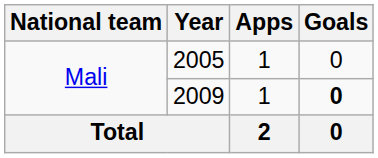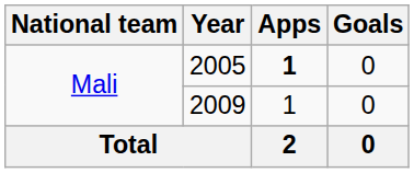 <table class="wikitable" style="text-align: center;">
 <tr>
 <th>National team</th>
 <th>Year</th>
 <th>Apps</th>
 <th>Goals</th>
 </tr>
 <tr>
 <td rowspan="2"><a href='#'>Mali</a></td>
 <td>2005</td>
-<td>1</td>
+<td><strong>1</strong></td>
 <td>0</td>
 </tr>
 <tr>
 <td>2009</td>
 <td>1</td>
-<td><strong>0</strong></td>
+<td>0</td>
 </tr>
 <tr>
 <th colspan="2">Total</th>
 <th>2</th>
 <th>0</th>
 </tr>
 </table>
